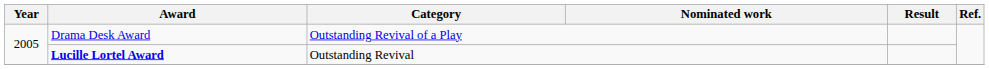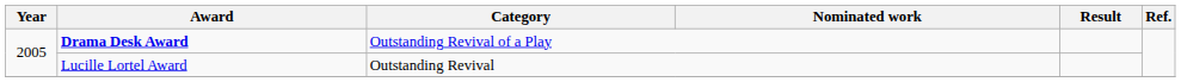 <table class=wikitable>
 <tr>
 <th scope="col" style="width:3em;">Year</th>
 <th scope="col" style="width:20em;">Award</th>
 <th scope="col" style="width:20em;">Category</th>
 <th scope="col" style="width:25em;">Nominated work</th>
 <th scope="col" style="width:5em;">Result</th>
 <th>Ref.</th>
 </tr>
 <tr>
 <td style="text-align:center;", rowspan=2>2005</td>
-<td><a href='#'>Drama Desk Award</a></td>
+<td><strong><a href='#'>Drama Desk Award</a></strong></td>
 <td colspan=2><a href='#'>Outstanding Revival of a Play</a></td>
 <td></td>
 <td rowspan=2></td>
 </tr>
 <tr>
-<td><strong><a href='#'>Lucille Lortel Award</a></strong></td>
+<td><a href='#'>Lucille Lortel Award</a></td>
 <td colspan=2>Outstanding Revival</td>
 <td></td>
 </tr>
 <tr>
 </tr>
 </table>
